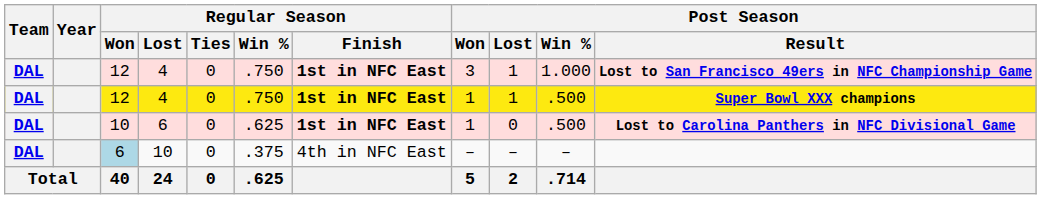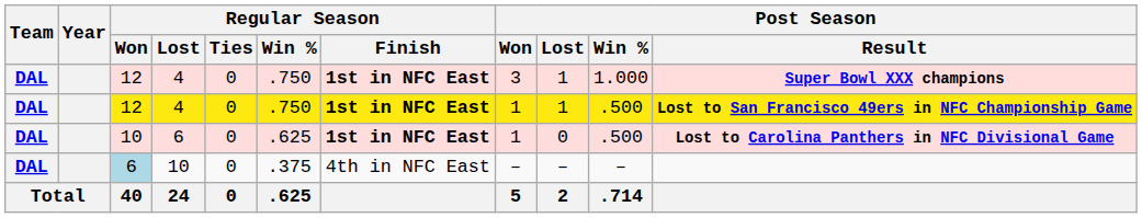 <table class="wikitable" style="font-size: 95%; text-align: center;">
 <tr>
 <th rowspan="2">Team</th>
 <th rowspan="2">Year</th>
 <th colspan="5">Regular Season</th>
 <th colspan="4">Post Season</th>
 </tr>
 <tr>
 <th>Won</th>
 <th>Lost</th>
 <th>Ties</th>
 <th>Win %</th>
 <th>Finish</th>
 <th>Won</th>
 <th>Lost</th>
 <th>Win %</th>
 <th>Result</th>
 </tr>
 <tr style="background:#fdd;">
 <th><a href='#'>DAL</a></th>
 <th></th>
 <td>12</td>
 <td>4</td>
 <td>0</td>
 <td>.750</td>
 <td><strong>1st in NFC East</strong></td>
 <td>3</td>
 <td>1</td>
 <td>1.000</td>
-<td><small><strong>Lost to <a href='#'>San Francisco 49ers</a> in <a href='#'>NFC Championship Game</a></strong></small></td>
+<td><small><strong><a href='#'>Super Bowl XXX</a> champions</strong></small></td>
 </tr>
 <tr ! style="background:#FDE910;">
 <th><a href='#'>DAL</a></th>
 <th></th>
 <td>12</td>
 <td>4</td>
 <td>0</td>
 <td>.750</td>
 <td><strong>1st in NFC East</strong></td>
 <td>1</td>
 <td>1</td>
 <td>.500</td>
-<td><small><strong><a href='#'>Super Bowl XXX</a> champions</strong></small></td>
+<td><small><strong>Lost to <a href='#'>San Francisco 49ers</a> in <a href='#'>NFC Championship Game</a></strong></small></td>
 </tr>
 <tr style="background:#fdd;">
 <th><a href='#'>DAL</a></th>
 <th></th>
 <td>10</td>
 <td>6</td>
 <td>0</td>
 <td>.625</td>
 <td><strong>1st in NFC East</strong></td>
 <td>1</td>
 <td>0</td>
 <td>.500</td>
 <td><small><strong>Lost to <a href='#'>Carolina Panthers</a> in <a href='#'>NFC Divisional Game</a></strong></small></td>
 </tr>
 <tr>
 <th><a href='#'>DAL</a></th>
 <th></th>
 <td style="background: lightblue;">6</td>
 <td>10</td>
 <td>0</td>
 <td>.375</td>
 <td>4th in NFC East</td>
 <td>–</td>
 <td>–</td>
 <td>–</td>
 <td></td>
 </tr>
 <tr>
 <th colspan="2">Total</th>
 <th>40</th>
 <th>24</th>
 <th>0</th>
 <th>.625</th>
 <th></th>
 <th>5</th>
 <th>2</th>
 <th>.714</th>
 <th></th>
 </tr>
 </table>
